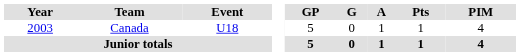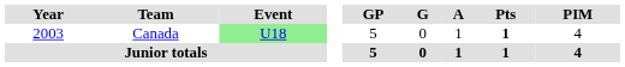 <table border="0" cellpadding="1" cellspacing="0" style="text-align:center; width:40em">
 <tr ALIGN="center" bgcolor="#e0e0e0">
 <th>Year</th>
 <th>Team</th>
 <th>Event</th>
 <th rowspan="99" bgcolor="#ffffff"> </th>
 <th>GP</th>
 <th>G</th>
 <th>A</th>
 <th>Pts</th>
 <th>PIM</th>
 </tr>
 <tr>
 <td><a href='#'>2003</a></td>
 <td><a href='#'>Canada</a></td>
-<td><a href='#'>U18</a></td>
+<td style="background: lightgreen;"><a href='#'>U18</a></td>
 <td>5</td>
 <td>0</td>
 <td>1</td>
-<td>1</td>
+<td><strong>1</strong></td>
 <td>4</td>
 </tr>
 <tr bgcolor="#e0e0e0">
 <th colspan="3">Junior totals</th>
 <th>5</th>
 <th>0</th>
 <th>1</th>
 <th>1</th>
 <th>4</th>
 </tr>
 </table>
